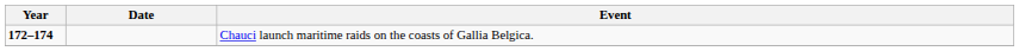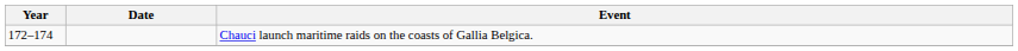 <table class="wikitable" width="100%">
 <tr>
 <th style="width:6%">Year</th>
 <th style="width:15%">Date</th>
 <th>Event</th>
 </tr>
 <tr>
-<td><strong>172–174</strong></td>
+<td>172–174</td>
 <td></td>
 <td><a href='#'>Chauci</a> launch maritime raids on the coasts of Gallia Belgica.</td>
 </tr>
 <tr>
 </tr>
 </table>
